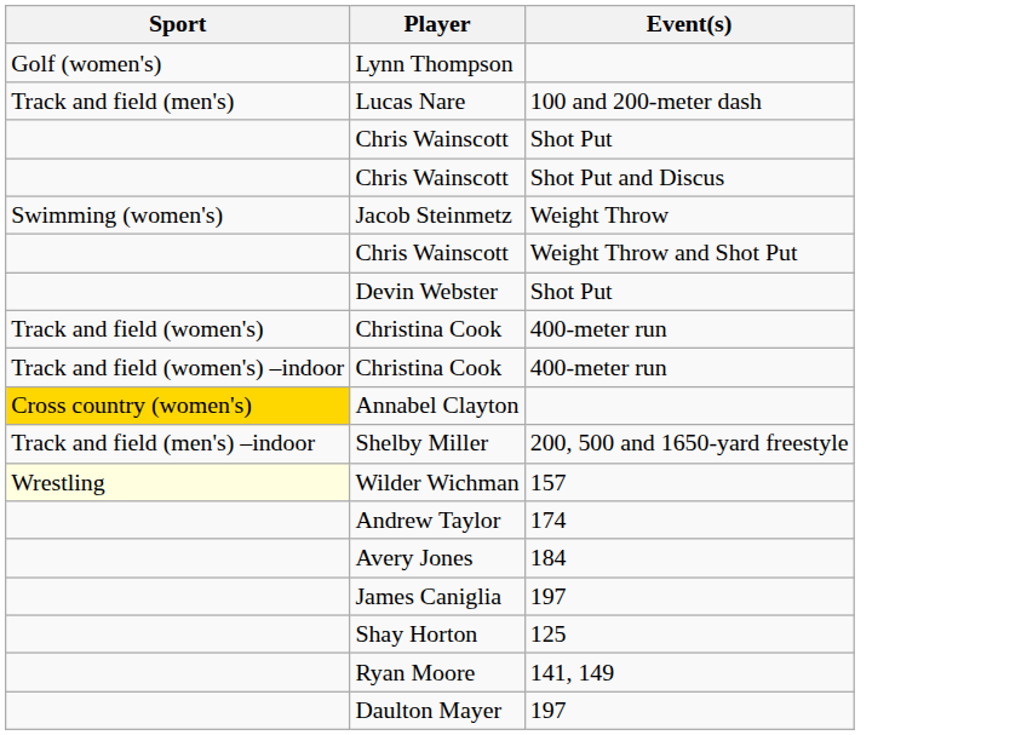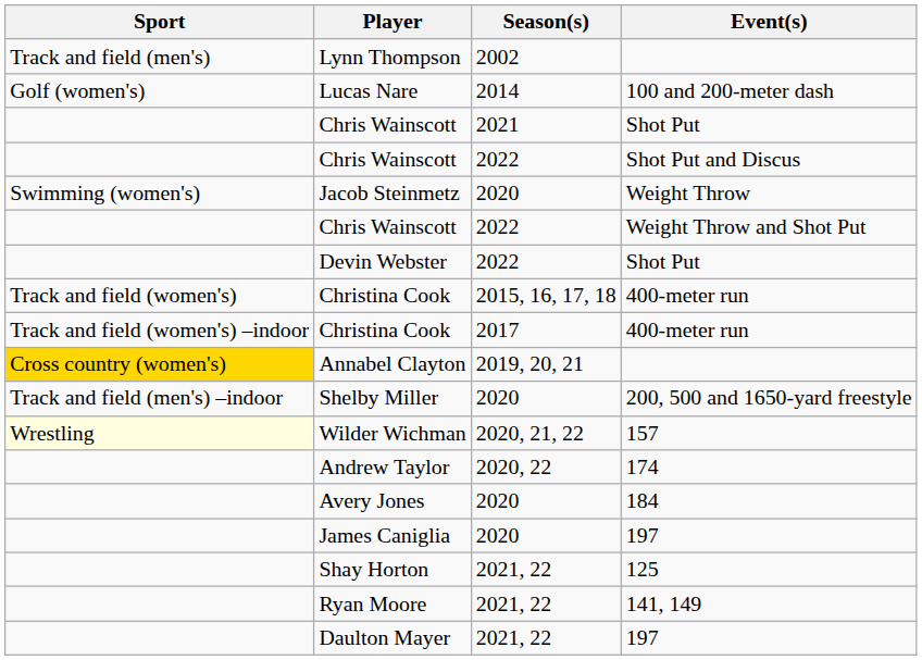 <table class="wikitable"; style= "text-align: ">
 <tr>
 <th>Sport</th>
 <th>Player</th>
+<th>Season(s)</th>
 <th>Event(s)</th>
 </tr>
 <tr>
-<td>Golf (women's)</td>
+<td>Track and field (men's)</td>
 <td>Lynn Thompson</td>
+<td>2002</td>
 <td></td>
 </tr>
 <tr>
-<td>Track and field (men's)</td>
+<td>Golf (women's)</td>
 <td>Lucas Nare</td>
+<td>2014</td>
 <td>100 and 200-meter dash</td>
 </tr>
 <tr>
 <td></td>
 <td>Chris Wainscott</td>
+<td>2021</td>
 <td>Shot Put</td>
 </tr>
 <tr>
 <td></td>
 <td>Chris Wainscott</td>
+<td>2022</td>
 <td>Shot Put and Discus</td>
 </tr>
 <tr>
 <td>Swimming (women's)</td>
 <td>Jacob Steinmetz</td>
+<td>2020</td>
 <td>Weight Throw</td>
 </tr>
 <tr>
 <td></td>
 <td>Chris Wainscott</td>
+<td>2022</td>
 <td>Weight Throw and Shot Put</td>
 </tr>
 <tr>
 <td></td>
 <td>Devin Webster</td>
+<td>2022</td>
 <td>Shot Put</td>
 </tr>
 <tr>
 <td>Track and field (women's)</td>
 <td>Christina Cook</td>
+<td>2015, 16, 17, 18</td>
 <td>400-meter run</td>
 </tr>
 <tr>
 <td>Track and field (women's) –indoor</td>
 <td>Christina Cook</td>
+<td>2017</td>
 <td>400-meter run</td>
 </tr>
 <tr>
 <td style="background: gold;">Cross country (women's)</td>
 <td>Annabel Clayton</td>
+<td>2019, 20, 21</td>
 <td></td>
 </tr>
 <tr>
 <td>Track and field (men's) –indoor</td>
 <td>Shelby Miller</td>
+<td>2020</td>
 <td>200, 500 and 1650-yard freestyle</td>
 </tr>
 <tr>
 <td style="background: lightyellow;">Wrestling</td>
 <td>Wilder Wichman</td>
+<td>2020, 21, 22</td>
 <td>157</td>
 </tr>
 <tr>
 <td></td>
 <td>Andrew Taylor</td>
+<td>2020, 22</td>
 <td>174</td>
 </tr>
 <tr>
 <td></td>
 <td>Avery Jones</td>
+<td>2020</td>
 <td>184</td>
 </tr>
 <tr>
 <td></td>
 <td>James Caniglia</td>
+<td>2020</td>
 <td>197</td>
 </tr>
 <tr>
 <td></td>
 <td>Shay Horton</td>
+<td>2021, 22</td>
 <td>125</td>
 </tr>
 <tr>
 <td></td>
 <td>Ryan Moore</td>
+<td>2021, 22</td>
 <td>141, 149</td>
 </tr>
 <tr>
 <td></td>
 <td>Daulton Mayer</td>
+<td>2021, 22</td>
 <td>197</td>
 </tr>
 </table>
